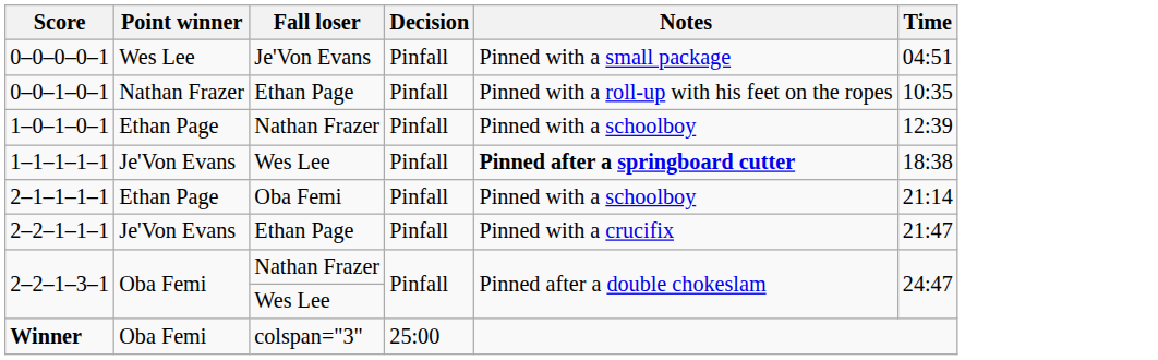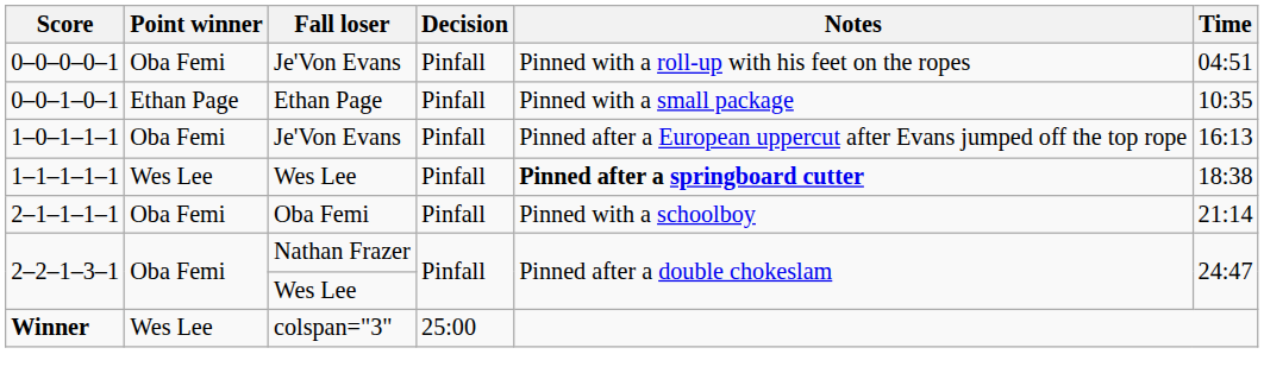 <table class="wikitable">
 <tr>
 <th>Score</th>
 <th>Point winner</th>
 <th>Fall loser</th>
 <th>Decision</th>
 <th>Notes</th>
 <th>Time</th>
 </tr>
 <tr>
 <td>0–0–0–0–1</td>
-<td>Wes Lee</td>
+<td>Oba Femi</td>
 <td>Je'Von Evans</td>
 <td>Pinfall</td>
-<td>Pinned with a <a href='#'>small package</a></td>
+<td>Pinned with a <a href='#'>roll-up</a> with his feet on the ropes</td>
 <td>04:51</td>
 </tr>
 <tr>
 <td>0–0–1–0–1</td>
-<td>Nathan Frazer</td>
+<td>Ethan Page</td>
 <td>Ethan Page</td>
 <td>Pinfall</td>
-<td>Pinned with a <a href='#'>roll-up</a> with his feet on the ropes</td>
+<td>Pinned with a <a href='#'>small package</a></td>
 <td>10:35</td>
 </tr>
 <tr>
-<td>1–0–1–0–1</td>
-<td>Ethan Page</td>
-<td>Nathan Frazer</td>
+<td>1–0–1–1–1</td>
+<td>Oba Femi</td>
+<td>Je'Von Evans</td>
 <td>Pinfall</td>
-<td>Pinned with a <a href='#'>schoolboy</a></td>
-<td>12:39</td>
+<td>Pinned after a <a href='#'>European uppercut</a> after Evans jumped off the top rope</td>
+<td>16:13</td>
 </tr>
 <tr>
 <td>1–1–1–1–1</td>
-<td>Je'Von Evans</td>
+<td>Wes Lee</td>
 <td>Wes Lee</td>
 <td>Pinfall</td>
 <td><strong>Pinned after a <a href='#'>springboard cutter</a></strong></td>
 <td>18:38</td>
 </tr>
 <tr>
 <td>2–1–1–1–1</td>
-<td>Ethan Page</td>
+<td>Oba Femi</td>
 <td>Oba Femi</td>
 <td>Pinfall</td>
 <td>Pinned with a <a href='#'>schoolboy</a></td>
 <td>21:14</td>
-</tr>
-<tr>
-<td>2–2–1–1–1</td>
-<td>Je'Von Evans</td>
-<td>Ethan Page</td>
-<td>Pinfall</td>
-<td>Pinned with a <a href='#'>crucifix</a></td>
-<td>21:47</td>
 </tr>
 <tr>
 <td rowspan=2>2–2–1–3–1</td>
 <td rowspan=2>Oba Femi</td>
 <td>Nathan Frazer</td>
 <td rowspan=2>Pinfall</td>
 <td rowspan=2>Pinned after a <a href='#'>double chokeslam</a></td>
 <td rowspan=2>24:47</td>
 </tr>
 <tr>
 <td>Wes Lee</td>
 </tr>
 <tr>
 <td><strong>Winner</strong></td>
-<td>Oba Femi</td>
+<td>Wes Lee</td>
 <td>colspan="3" </td>
 <td>25:00</td>
 </tr>
 </table>
